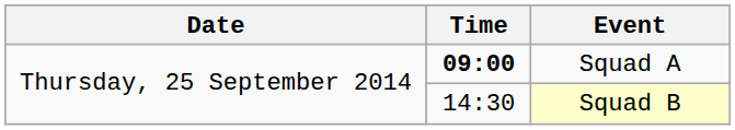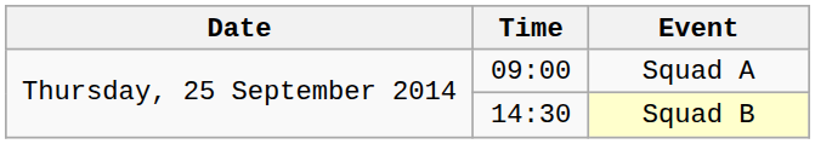 <table class = "wikitable" style="text-align:center;">
 <tr>
 <th width=220>Date</th>
 <th width=50>Time</th>
 <th width=100>Event</th>
 </tr>
 <tr>
 <td rowspan=2>Thursday, 25 September 2014</td>
-<td><strong>09:00</strong></td>
+<td>09:00</td>
 <td>Squad A</td>
 </tr>
 <tr>
 <td>14:30</td>
 <td bgcolor=ffffcc>Squad B</td>
 </tr>
 </table>
